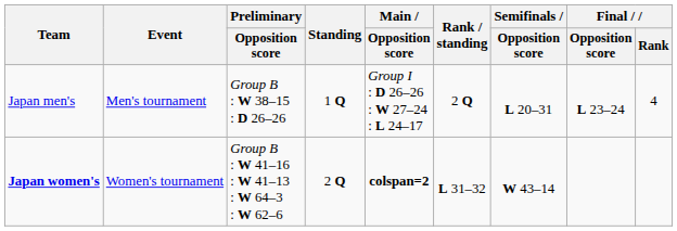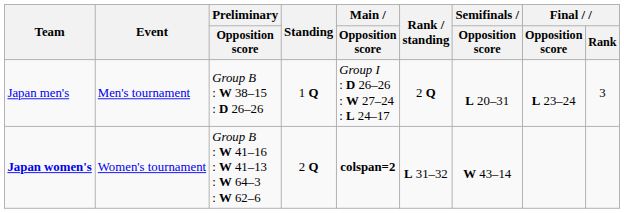 <table class=wikitable style=font-size:90%;text-align:center>
 <tr>
 <th rowspan=2>Team</th>
 <th rowspan=2>Event</th>
 <th>Preliminary</th>
 <th rowspan=2>Standing</th>
 <th>Main / </th>
 <th rowspan=2>Rank /<br> standing</th>
 <th>Semifinals / </th>
 <th colspan=2>Final /  / </th>
 </tr>
 <tr style="font-size:95%">
 <th>Opposition<br> score</th>
 <th>Opposition<br> score</th>
 <th>Opposition<br> score</th>
 <th>Opposition<br> score</th>
 <th>Rank</th>
 </tr>
 <tr>
 <td style="text-align:left"><a href='#'>Japan men's</a></td>
 <td style="text-align:left"><a href='#'>Men's tournament</a></td>
 <td style="text-align:left"><em>Group B</em><br>: <strong>W</strong> 38–15<br>: <strong>D</strong> 26–26</td>
 <td>1 <strong>Q</strong></td>
 <td style="text-align:left"><em>Group I</em><br>: <strong>D</strong> 26–26<br>: <strong>W</strong> 27–24<br>: <strong>L</strong> 24–17</td>
 <td>2 <strong>Q</strong></td>
 <td><br><strong>L</strong> 20–31</td>
 <td><br><strong>L</strong> 23–24</td>
-<td>4</td>
+<td>3</td>
 </tr>
 <tr>
 <td style="text-align:left"><strong><a href='#'>Japan women's</a></strong></td>
 <td style="text-align:left"><a href='#'>Women's tournament</a></td>
 <td style="text-align:left"><em>Group B</em><br>: <strong>W</strong> 41–16<br>: <strong>W</strong> 41–13<br>: <strong>W</strong> 64–3<br>: <strong>W</strong> 62–6</td>
 <td>2 <strong>Q</strong></td>
 <td><strong>colspan=2 </strong></td>
 <td><br><strong>L</strong> 31–32</td>
 <td><br><strong>W</strong> 43–14</td>
 <td></td>
 </tr>
 </table>
